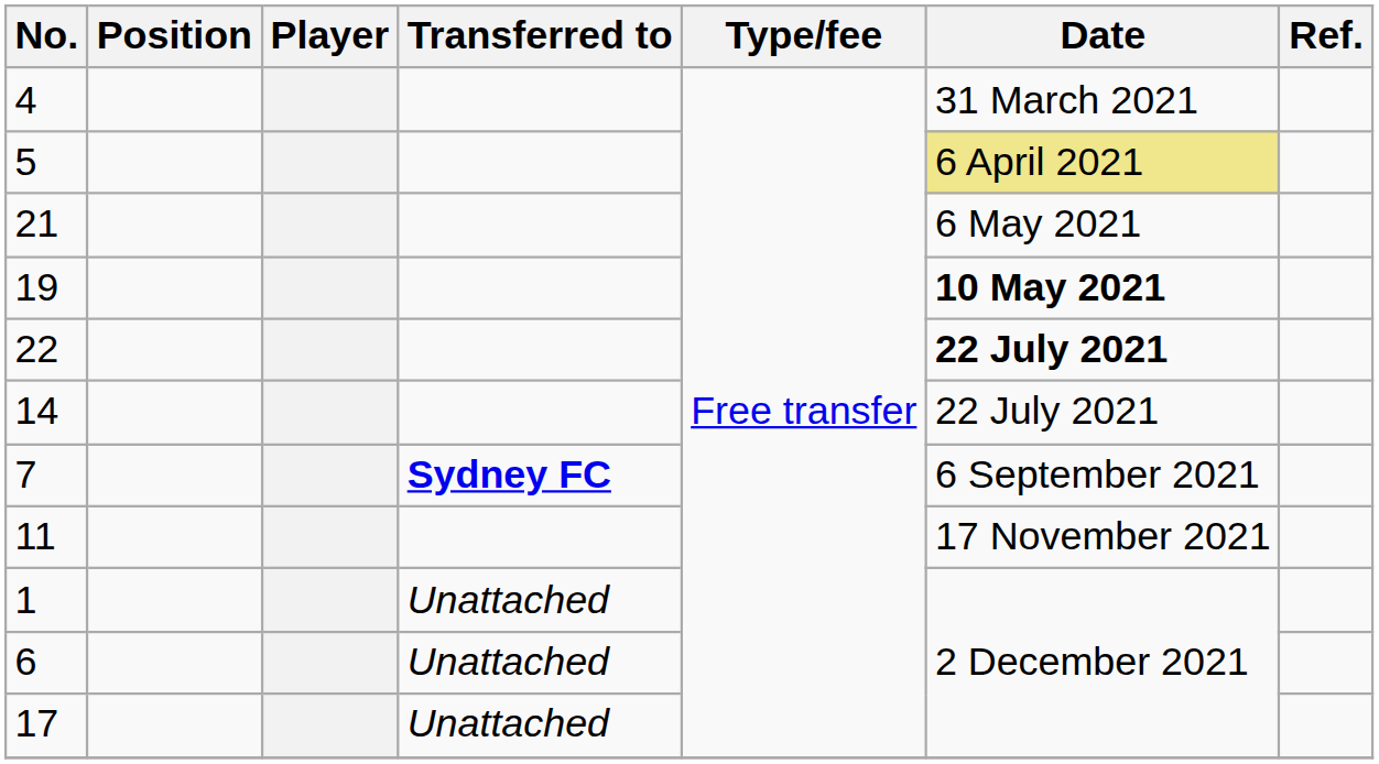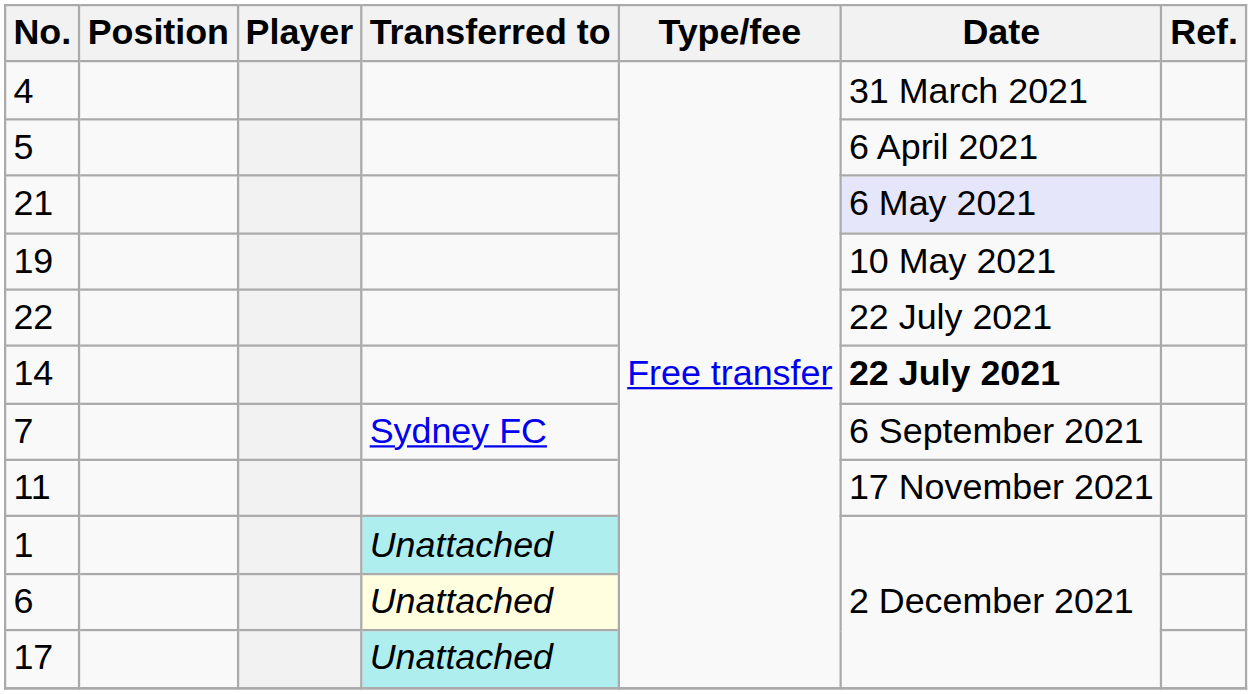 <table class="wikitable plainrowheaders sortable" style="text-align:center; text-align:left">
 <tr>
 <th scope="col">No.</th>
 <th scope="col">Position</th>
 <th scope="col">Player</th>
 <th scope="col">Transferred to</th>
 <th scope="col">Type/fee</th>
 <th scope="col">Date</th>
 <th class="unsortable" scope="col">Ref.</th>
 </tr>
 <tr>
 <td>4</td>
 <td></td>
 <th scope="row"></th>
 <td></td>
 <td rowspan="11"><a href='#'>Free transfer</a></td>
 <td>31 March 2021</td>
 <td></td>
 </tr>
 <tr>
 <td>5</td>
 <td></td>
 <th scope="row"></th>
 <td></td>
-<td style="background: khaki;">6 April 2021</td>
+<td>6 April 2021</td>
 <td></td>
 </tr>
 <tr>
 <td>21</td>
 <td></td>
 <th scope="row"></th>
 <td></td>
-<td>6 May 2021</td>
+<td style="background: lavender;">6 May 2021</td>
 <td></td>
 </tr>
 <tr>
 <td>19</td>
 <td></td>
 <th scope="row"></th>
 <td></td>
-<td><strong>10 May 2021</strong></td>
+<td>10 May 2021</td>
 <td></td>
 </tr>
 <tr>
 <td>22</td>
 <td></td>
 <th scope="row"></th>
 <td></td>
-<td><strong>22 July 2021</strong></td>
+<td>22 July 2021</td>
 <td></td>
 </tr>
 <tr>
 <td>14</td>
 <td></td>
 <th scope="row"></th>
 <td></td>
-<td>22 July 2021</td>
+<td><strong>22 July 2021</strong></td>
 <td></td>
 </tr>
 <tr>
 <td>7</td>
 <td></td>
 <th scope="row"></th>
-<td><strong><a href='#'>Sydney FC</a></strong></td>
+<td><a href='#'>Sydney FC</a></td>
 <td>6 September 2021</td>
 <td></td>
 </tr>
 <tr>
 <td>11</td>
 <td></td>
 <th scope="row"></th>
 <td></td>
 <td>17 November 2021</td>
 <td></td>
 </tr>
 <tr>
 <td>1</td>
 <td></td>
 <th scope="row"></th>
-<td><em>Unattached</em></td>
+<td style="background: paleturquoise;"><em>Unattached</em></td>
 <td rowspan="3">2 December 2021</td>
 <td></td>
 </tr>
 <tr>
 <td>6</td>
 <td></td>
 <th scope="row"></th>
-<td><em>Unattached</em></td>
+<td style="background: lightyellow;"><em>Unattached</em></td>
 <td></td>
 </tr>
 <tr>
 <td>17</td>
 <td></td>
 <th scope="row"></th>
-<td><em>Unattached</em></td>
+<td style="background: paleturquoise;"><em>Unattached</em></td>
 <td></td>
 </tr>
 <tr>
 </tr>
 </table>
